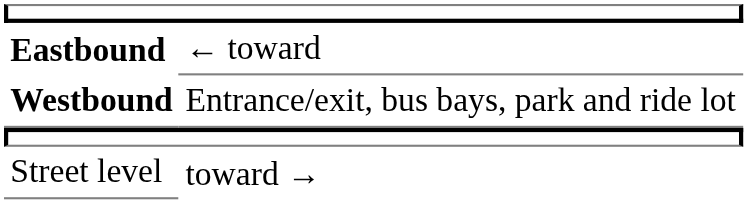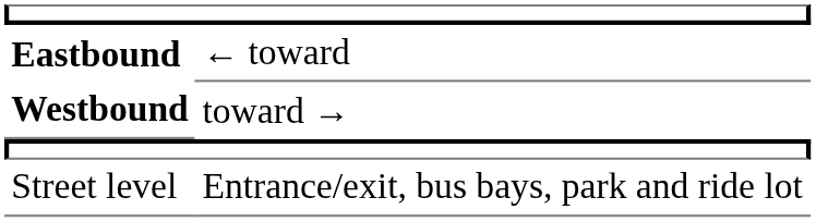 <table table border=0 cellspacing=0 cellpadding=3>
 <tr>
 <td style="border-top:solid 1px gray;border-right:solid 2px black;border-left:solid 2px black;border-bottom:solid 2px black;text-align:center" colspan=2></td>
 </tr>
 <tr>
 <td><strong>Eastbound</strong></td>
 <td style="border-bottom:solid 1px gray">←  toward  </td>
 </tr>
 <tr>
 <td style="border-bottom:solid 1px gray"><strong>Westbound</strong></td>
-<td style="border-bottom:solid 1px gray" valign=top>Entrance/exit, bus bays, park and ride lot</td>
+<td>  toward   →</td>
 </tr>
 <tr>
 <td style="border-right:solid 2px black;border-left:solid 2px black;border-top:solid 2px black;border-bottom:solid 1px gray;text-align:center" colspan=2></td>
 </tr>
 <tr>
 <td style="border-bottom:solid 1px gray" valign=top>Street level</td>
-<td>  toward   →</td>
+<td style="border-bottom:solid 1px gray" valign=top>Entrance/exit, bus bays, park and ride lot</td>
 </tr>
 </table>
